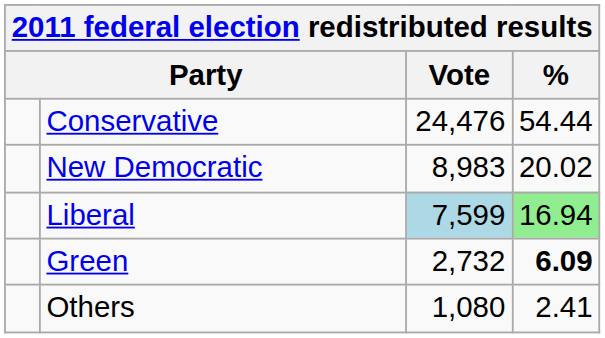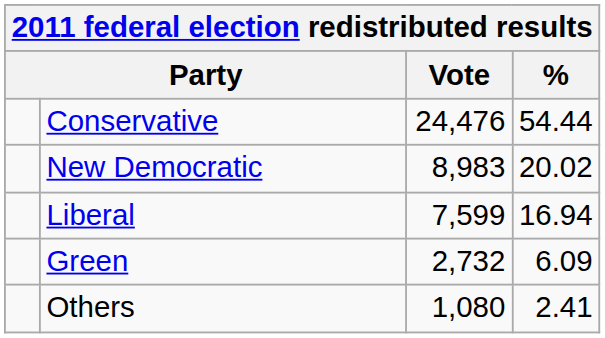 <table class="wikitable">
 <tr>
 <th colspan="4"><a href='#'>2011 federal election</a> redistributed results</th>
 </tr>
 <tr>
 <th bgcolor="#DDDDFF" width="130px" colspan="2">Party</th>
 <th bgcolor="#DDDDFF" width="50px">Vote</th>
 <th bgcolor="#DDDDFF" width="30px">%</th>
 </tr>
 <tr>
 <td> </td>
 <td><a href='#'>Conservative</a></td>
 <td align=right>24,476</td>
 <td align=right>54.44</td>
 </tr>
 <tr>
 <td> </td>
 <td><a href='#'>New Democratic</a></td>
 <td align=right>8,983</td>
 <td align=right>20.02</td>
 </tr>
 <tr>
 <td> </td>
 <td><a href='#'>Liberal</a></td>
-<td align=right style="background: lightblue;">7,599</td>
-<td align=right style="background: lightgreen;">16.94</td>
+<td align=right>7,599</td>
+<td align=right>16.94</td>
 </tr>
 <tr>
 <td> </td>
 <td><a href='#'>Green</a></td>
 <td align=right>2,732</td>
-<td align=right><strong>6.09</strong></td>
+<td align=right>6.09</td>
 </tr>
 <tr>
 <td> </td>
 <td>Others</td>
 <td align=right>1,080</td>
 <td align=right>2.41</td>
 </tr>
 </table>
